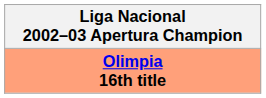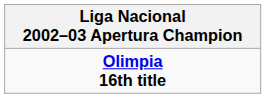 <table class="wikitable" style="text-align: center; margin: 0 auto; width: 20%">
 <tr>
 <th>Liga Nacional<br>2002–03 Apertura Champion</th>
 </tr>
 <tr>
-<td style="background: lightsalmon;"><strong><a href='#'>Olimpia</a></strong><br><strong>16th title</strong></td>
+<td><strong><a href='#'>Olimpia</a></strong><br><strong>16th title</strong></td>
 </tr>
 </table>
